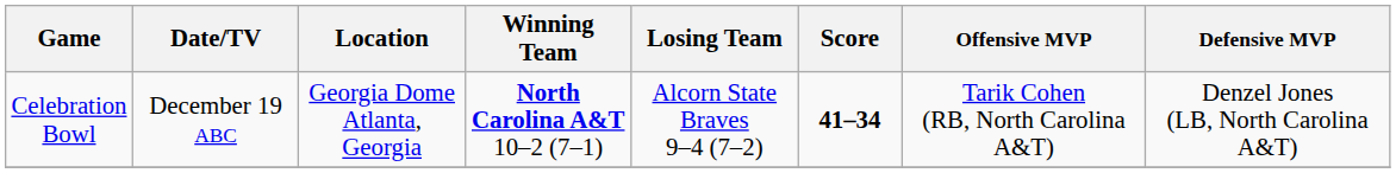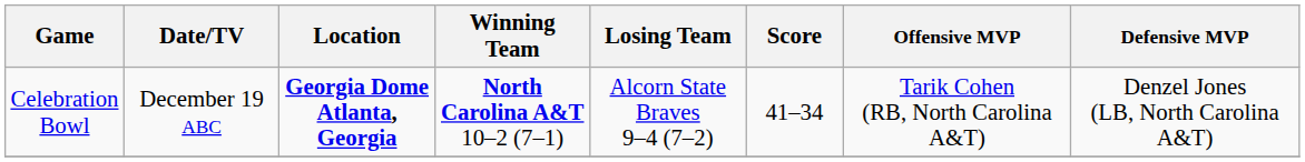 <table class=wikitable style="text-align:center;">
 <tr>
 <th style="width:50px">Game</th>
 <th style="width:100px">Date/TV</th>
 <th style="width:100px">Location</th>
 <th style="width:100px">Winning Team</th>
 <th style="width:100px">Losing Team</th>
 <th style="width:60px;">Score</th>
 <th style="width:150px"><small>Offensive MVP</small></th>
 <th style="width:150px"><small>Defensive MVP</small></th>
 </tr>
 <tr>
 <td><a href='#'>Celebration Bowl</a></td>
 <td>December 19<br><small><a href='#'>ABC</a></small></td>
-<td><a href='#'>Georgia Dome</a><br><a href='#'>Atlanta</a>, <a href='#'>Georgia</a></td>
+<td><strong><a href='#'>Georgia Dome</a><br><a href='#'>Atlanta</a>, <a href='#'>Georgia</a></strong></td>
 <td><strong><a href='#'>North Carolina A&T</a></strong><br>10–2 (7–1)</td>
 <td><a href='#'>Alcorn State Braves</a><br>9–4 (7–2)</td>
-<td><strong>41–34</strong></td>
+<td>41–34</td>
 <td><a href='#'>Tarik Cohen</a><br>(RB, North Carolina A&T)</td>
 <td>Denzel Jones<br>(LB, North Carolina A&T)</td>
 </tr>
 <tr>
 </tr>
 </table>
